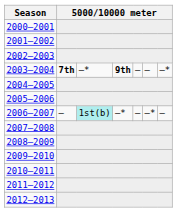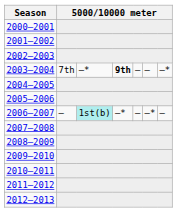 <table class="wikitable" style="display: inline-table;">
 <tr>
 <th>Season</th>
 <th colspan="6">5000/10000 meter</th>
 </tr>
 <tr>
 <td><a href='#'>2000–2001</a></td>
 <td colspan="6" bgcolor=#EEEEEE></td>
 </tr>
 <tr>
 <td><a href='#'>2001–2002</a></td>
 <td colspan="6" bgcolor=#EEEEEE></td>
 </tr>
 <tr>
 <td><a href='#'>2002–2003</a></td>
 <td colspan="6" bgcolor=#EEEEEE></td>
 </tr>
 <tr>
 <td><a href='#'>2003–2004</a></td>
-<td><strong>7th</strong></td>
+<td>7th</td>
 <td>–*</td>
 <td><strong>9th</strong></td>
 <td>–</td>
 <td>–</td>
 <td>–*</td>
 </tr>
 <tr>
 <td><a href='#'>2004–2005</a></td>
 <td colspan="6" bgcolor=#EEEEEE></td>
 </tr>
 <tr>
 <td><a href='#'>2005–2006</a></td>
 <td colspan="6" bgcolor=#EEEEEE></td>
 </tr>
 <tr>
 <td><a href='#'>2006–2007</a></td>
 <td>–</td>
 <td style="background: paleturquoise;">1st(b)</td>
 <td>–*</td>
 <td>–</td>
 <td>–*</td>
 <td>–</td>
 </tr>
 <tr>
 <td><a href='#'>2007–2008</a></td>
 <td colspan="6" bgcolor=#EEEEEE></td>
 </tr>
 <tr>
 <td><a href='#'>2008–2009</a></td>
 <td colspan="6" bgcolor=#EEEEEE></td>
 </tr>
 <tr>
 <td><a href='#'>2009–2010</a></td>
 <td colspan="6" bgcolor=#EEEEEE></td>
 </tr>
 <tr>
 <td><a href='#'>2010–2011</a></td>
 <td colspan="6" bgcolor=#EEEEEE></td>
 </tr>
 <tr>
 <td><a href='#'>2011–2012</a></td>
 <td colspan="6" bgcolor=#EEEEEE></td>
 </tr>
 <tr>
 <td><a href='#'>2012–2013</a></td>
 <td colspan="6" bgcolor=#EEEEEE></td>
 </tr>
 </table>
